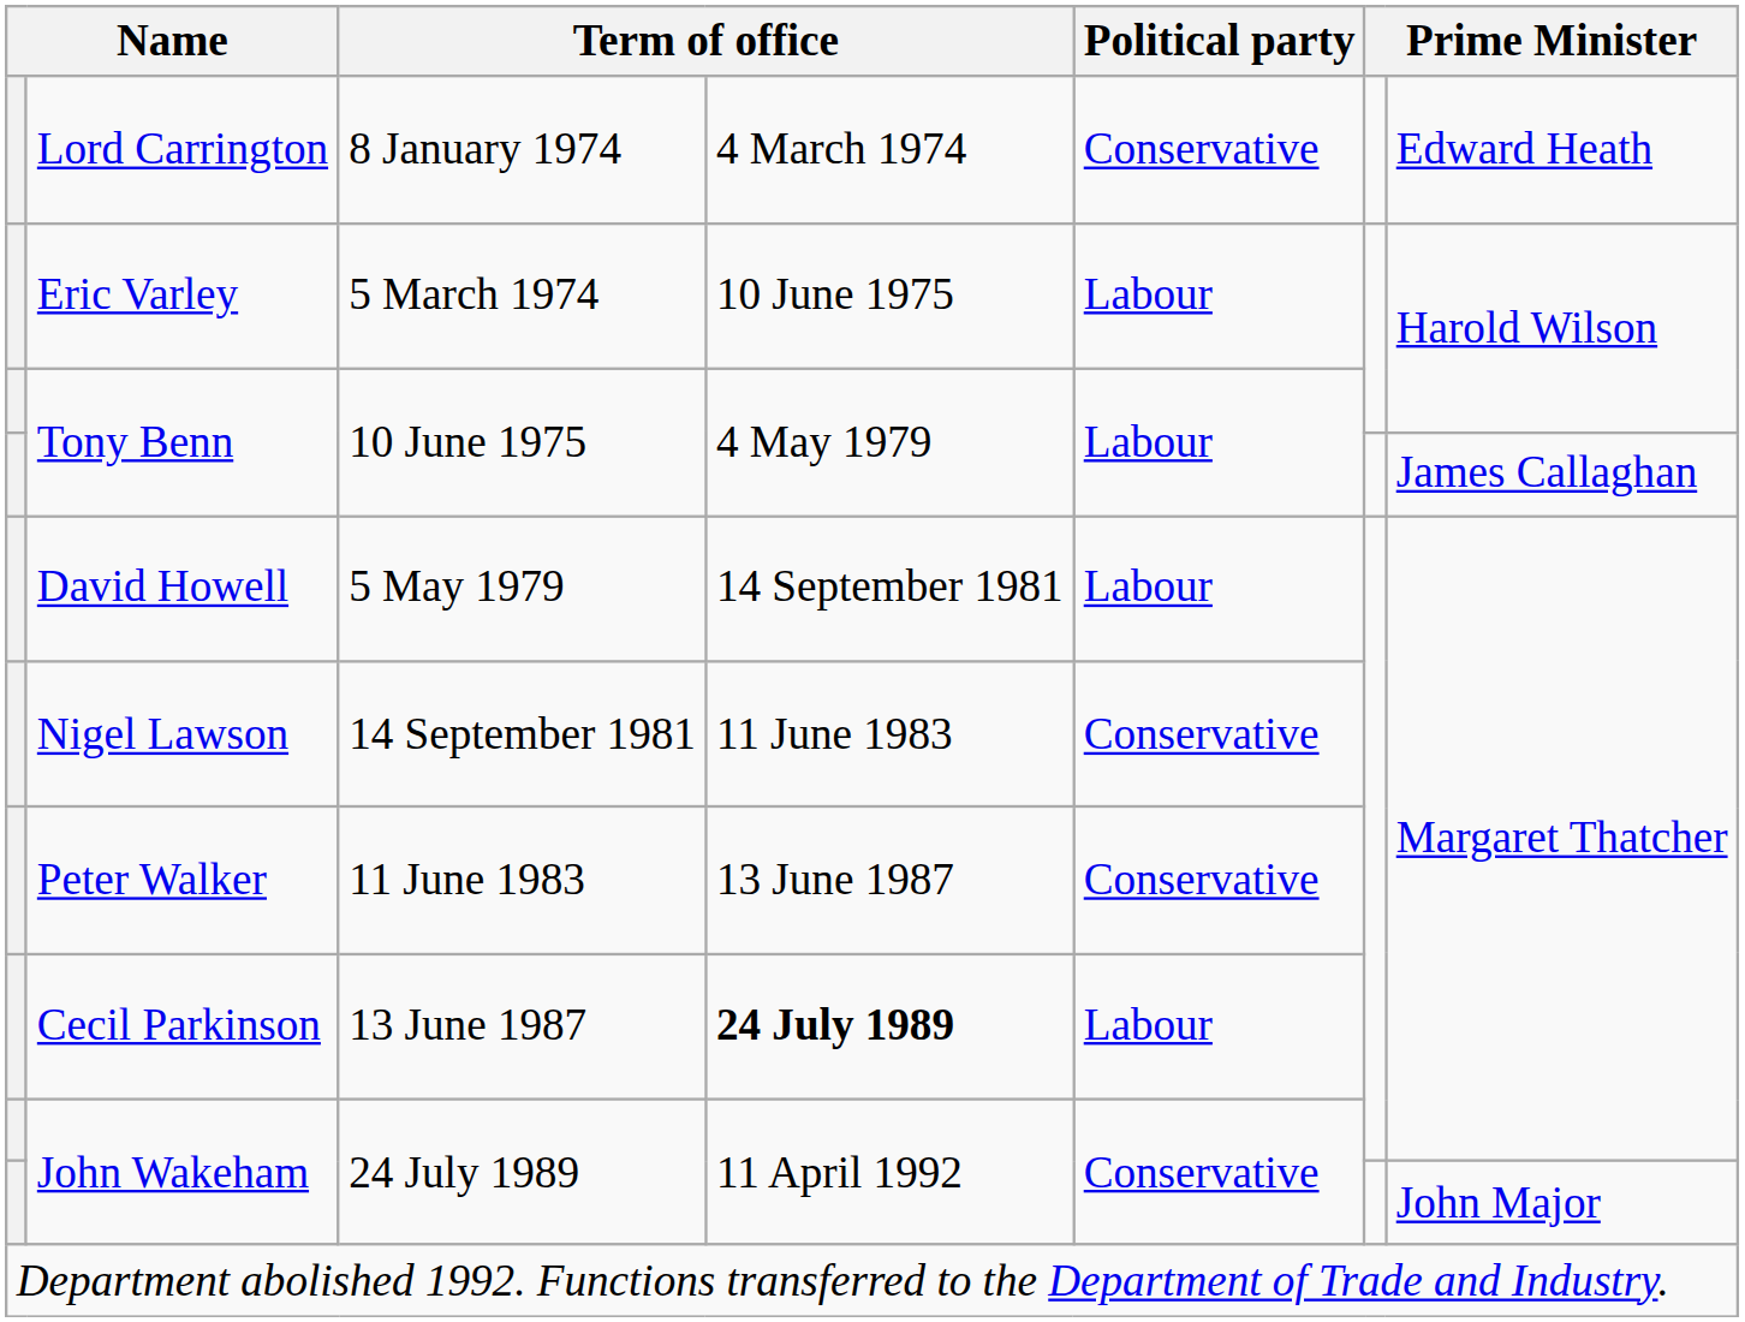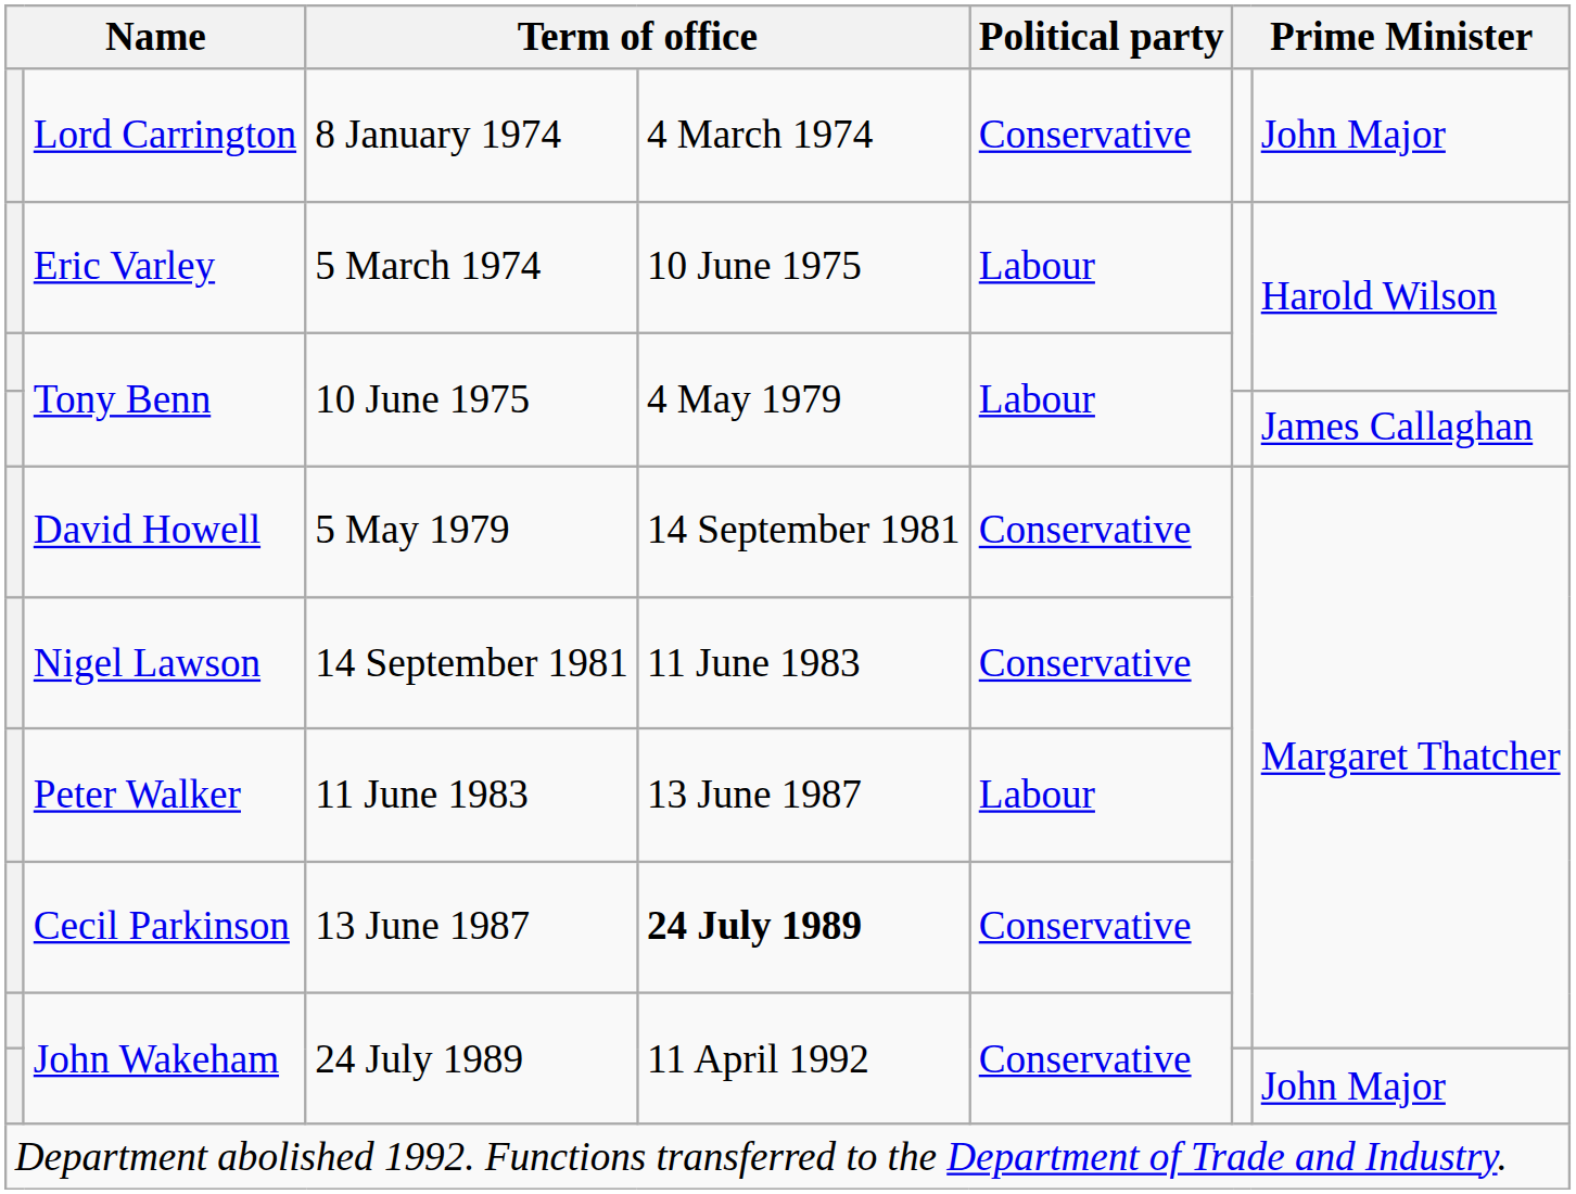 <table class="wikitable">
 <tr>
 <th colspan=2>Name</th>
 <th colspan=2>Term of office</th>
 <th>Political party</th>
 <th colspan=2>Prime Minister</th>
 </tr>
 <tr>
 <th style="background-color: "></th>
 <td height=45><a href='#'>Lord Carrington</a></td>
 <td>8 January 1974</td>
 <td>4 March 1974</td>
 <td><a href='#'>Conservative</a></td>
 <td style="background-color: "></td>
-<td><a href='#'>Edward Heath</a></td>
+<td><a href='#'>John Major</a></td>
 </tr>
 <tr>
 <th style="background-color: "></th>
 <td height=45><a href='#'>Eric Varley</a></td>
 <td>5 March 1974</td>
 <td>10 June 1975</td>
 <td><a href='#'>Labour</a></td>
 <td rowspan=2 style="background-color: "></td>
 <td rowspan=2><a href='#'>Harold Wilson</a></td>
 </tr>
 <tr>
 <th height=15 style="background-color: "></th>
 <td rowspan=2 height=45><a href='#'>Tony Benn</a></td>
 <td rowspan=2>10 June 1975</td>
 <td rowspan=2>4 May 1979</td>
 <td rowspan=2><a href='#'>Labour</a></td>
 </tr>
 <tr>
 <th style="background-color: "></th>
 <td style="background-color: "></td>
 <td><a href='#'>James Callaghan</a></td>
 </tr>
 <tr>
 <th style="background-color: "></th>
 <td height=45><a href='#'>David Howell</a></td>
 <td>5 May 1979</td>
 <td>14 September 1981</td>
-<td><a href='#'>Labour</a></td>
+<td><a href='#'>Conservative</a></td>
 <td rowspan=5 style="background-color: "></td>
 <td rowspan=5><a href='#'>Margaret Thatcher</a></td>
 </tr>
 <tr>
 <th style="background-color: "></th>
 <td height=45><a href='#'>Nigel Lawson</a></td>
 <td>14 September 1981</td>
 <td>11 June 1983</td>
 <td><a href='#'>Conservative</a></td>
 </tr>
 <tr>
 <th style="background-color: "></th>
 <td height=45><a href='#'>Peter Walker</a></td>
 <td>11 June 1983</td>
 <td>13 June 1987</td>
-<td><a href='#'>Conservative</a></td>
+<td><a href='#'>Labour</a></td>
 </tr>
 <tr>
 <th style="background-color: "></th>
 <td height=45><a href='#'>Cecil Parkinson</a></td>
 <td>13 June 1987</td>
 <td><strong>24 July 1989</strong></td>
-<td><a href='#'>Labour</a></td>
+<td><a href='#'>Conservative</a></td>
 </tr>
 <tr>
 <th height=15 style="background-color: "></th>
 <td rowspan=2 height=45><a href='#'>John Wakeham</a></td>
 <td rowspan=2>24 July 1989</td>
 <td rowspan=2>11 April 1992</td>
 <td rowspan=2><a href='#'>Conservative</a></td>
 </tr>
 <tr>
 <th style="background-color: "></th>
 <td style="background-color: "></td>
 <td><a href='#'>John Major</a></td>
 </tr>
 <tr>
 <td colspan=10><em>Department abolished 1992. Functions transferred to the <a href='#'>Department of Trade and Industry</a>.</em></td>
 </tr>
 </table>
